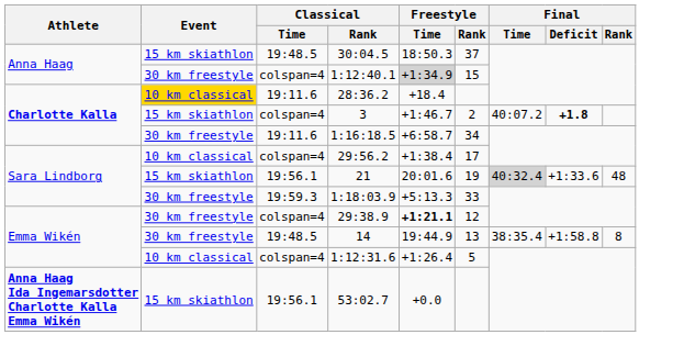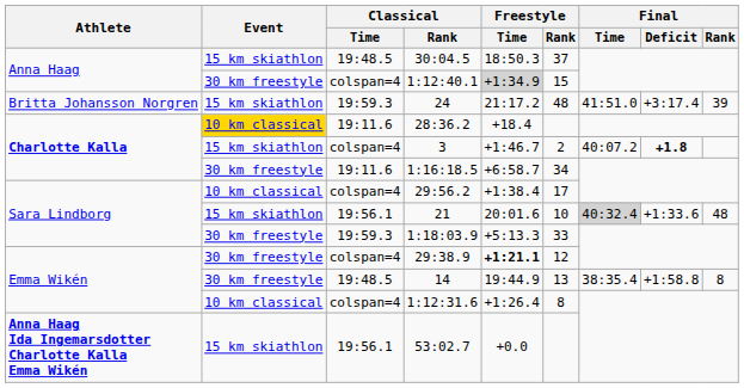 <table class="wikitable" style="font-size:90%">
 <tr>
 <th rowspan=2>Athlete</th>
 <th rowspan=2>Event</th>
 <th colspan=2>Classical</th>
 <th colspan=2>Freestyle</th>
 <th colspan=3>Final</th>
 </tr>
 <tr style="font-size: 95%">
 <th>Time</th>
 <th>Rank</th>
 <th>Time</th>
 <th>Rank</th>
 <th>Time</th>
 <th>Deficit</th>
 <th>Rank</th>
 </tr>
 <tr align=center>
 <td align=left rowspan=2><a href='#'>Anna Haag</a></td>
 <td align=left><a href='#'>15 km skiathlon</a></td>
 <td>19:48.5</td>
 <td>30:04.5</td>
 <td>18:50.3</td>
 <td>37</td>
 </tr>
 <tr align=center>
 <td align=left><a href='#'>30 km freestyle</a></td>
 <td>colspan=4 </td>
 <td>1:12:40.1</td>
 <td style="background: lightgrey;">+1:34.9</td>
 <td>15</td>
+</tr>
+<tr align=center>
+<td align=left><a href='#'>Britta Johansson Norgren</a></td>
+<td align=left><a href='#'>15 km skiathlon</a></td>
+<td>19:59.3</td>
+<td>24</td>
+<td>21:17.2</td>
+<td>48</td>
+<td>41:51.0</td>
+<td>+3:17.4</td>
+<td>39</td>
 </tr>
 <tr align=center>
 <td align=left rowspan=3><strong><a href='#'>Charlotte Kalla</a></strong></td>
 <td align=left style="background: gold;"><a href='#'>10 km classical</a></td>
 <td>19:11.6</td>
 <td>28:36.2</td>
 <td>+18.4</td>
 <td></td>
 </tr>
 <tr align=center>
 <td align=left><a href='#'>15 km skiathlon</a></td>
 <td>colspan=4 </td>
 <td>3</td>
 <td>+1:46.7</td>
 <td>2</td>
 <td>40:07.2</td>
 <td><strong>+1.8</strong></td>
 <td></td>
 </tr>
 <tr align=center>
 <td align=left><a href='#'>30 km freestyle</a></td>
 <td>19:11.6</td>
 <td>1:16:18.5</td>
 <td>+6:58.7</td>
 <td>34</td>
 </tr>
 <tr align=center>
 <td align=left rowspan=3><a href='#'>Sara Lindborg</a></td>
 <td align=left><a href='#'>10 km classical</a></td>
 <td>colspan=4 </td>
 <td>29:56.2</td>
 <td>+1:38.4</td>
 <td>17</td>
 </tr>
 <tr align=center>
 <td align=left><a href='#'>15 km skiathlon</a></td>
 <td>19:56.1</td>
 <td>21</td>
 <td>20:01.6</td>
-<td>19</td>
+<td>10</td>
 <td style="background: lightgrey;">40:32.4</td>
 <td>+1:33.6</td>
 <td>48</td>
 </tr>
 <tr align=center>
 <td align=left><a href='#'>30 km freestyle</a></td>
 <td>19:59.3</td>
 <td>1:18:03.9</td>
 <td>+5:13.3</td>
 <td>33</td>
 </tr>
 <tr align=center>
 <td align=left rowspan=3><a href='#'>Emma Wikén</a></td>
 <td align=left><a href='#'>30 km freestyle</a></td>
 <td>colspan=4 </td>
 <td>29:38.9</td>
 <td><strong>+1:21.1</strong></td>
 <td>12</td>
 </tr>
 <tr align=center>
 <td align=left><a href='#'>30 km freestyle</a></td>
 <td>19:48.5</td>
 <td>14</td>
 <td>19:44.9</td>
 <td>13</td>
 <td>38:35.4</td>
 <td>+1:58.8</td>
 <td>8</td>
 </tr>
 <tr align=center>
 <td align=left><a href='#'>10 km classical</a></td>
 <td>colspan=4 </td>
 <td>1:12:31.6</td>
 <td>+1:26.4</td>
-<td>5</td>
+<td>8</td>
 </tr>
 <tr align=center>
 <td align=left><strong><a href='#'>Anna Haag</a><br><a href='#'>Ida Ingemarsdotter</a><br><a href='#'>Charlotte Kalla</a><br><a href='#'>Emma Wikén</a></strong></td>
 <td align=left><a href='#'>15 km skiathlon</a></td>
 <td>19:56.1</td>
 <td>53:02.7</td>
 <td>+0.0</td>
 <td></td>
 </tr>
 </table>
